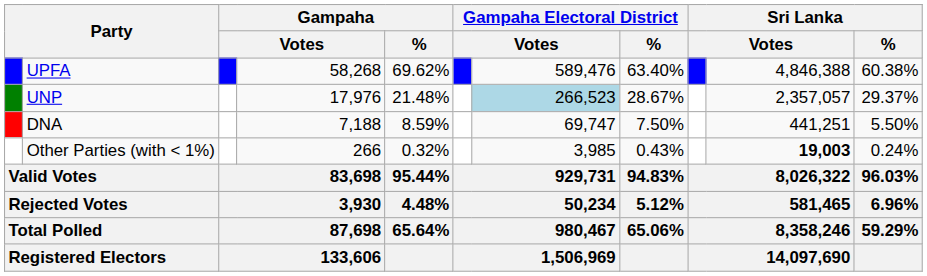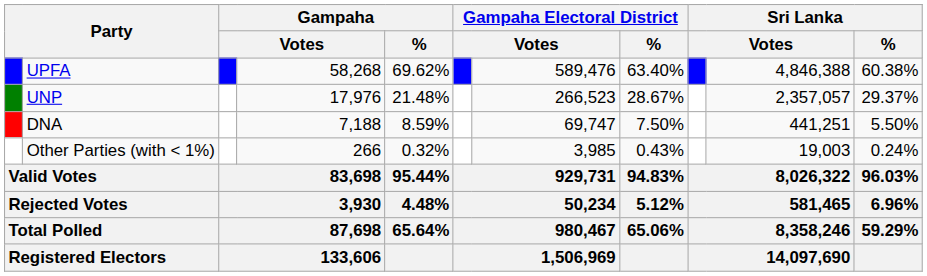 <table class="wikitable">
 <tr>
 <th colspan="2" width="144px"rowspan="2">Party</th>
 <th colspan="3" width="216px">Gampaha</th>
 <th colspan="3" width="216px"><a href='#'>Gampaha Electoral District</a></th>
 <th colspan="3" width="216px">Sri Lanka</th>
 </tr>
 <tr>
 <th colspan="2" width="144px">Votes</th>
 <th>%</th>
 <th colspan="2" width="144px">Votes</th>
 <th>%</th>
 <th colspan="2" width="144px">Votes</th>
 <th>%</th>
 </tr>
 <tr>
 <td style="background-color:blue;" width="10px"></td>
 <td style="text-align:left;"><a href='#'>UPFA</a></td>
 <td style="background-color:blue;" width="10px"></td>
 <td style="text-align:right;">58,268</td>
 <td style="text-align:right;">69.62%</td>
 <td style="background-color:blue;" width="10px"></td>
 <td style="text-align:right;">589,476</td>
 <td style="text-align:right;">63.40%</td>
 <td style="background-color:blue;" width="10px"></td>
 <td style="text-align:right;">4,846,388</td>
 <td style="text-align:right;">60.38%</td>
 </tr>
 <tr>
 <td style="background-color:green;" width="10px"></td>
 <td style="text-align:left;"><a href='#'>UNP</a></td>
 <td style="background-color:white;" width="10px"></td>
 <td style="text-align:right;">17,976</td>
 <td style="text-align:right;">21.48%</td>
 <td style="background-color:white;" width="10px"></td>
-<td style="background: lightblue; text-align:right;">266,523</td>
+<td style="text-align:right;">266,523</td>
 <td style="text-align:right;">28.67%</td>
 <td style="background-color:white;" width="10px"></td>
 <td style="text-align:right;">2,357,057</td>
 <td style="text-align:right;">29.37%</td>
 </tr>
 <tr>
 <td style="background-color:red;" width="10px"></td>
 <td style="text-align:left;">DNA</td>
 <td style="background-color:white;" width="10px"></td>
 <td style="text-align:right;">7,188</td>
 <td style="text-align:right;">8.59%</td>
 <td style="background-color:white;" width="10px"></td>
 <td style="text-align:right;">69,747</td>
 <td style="text-align:right;">7.50%</td>
 <td style="background-color:white;" width="10px"></td>
 <td style="text-align:right;">441,251</td>
 <td style="text-align:right;">5.50%</td>
 </tr>
 <tr>
 <td style="background-color:white;" width="10px"></td>
 <td style="text-align:left;">Other Parties (with < 1%)</td>
 <td style="background-color:white;" width="10px"></td>
 <td style="text-align:right;">266</td>
 <td style="text-align:right;">0.32%</td>
 <td style="background-color:white;" width="10px"></td>
 <td style="text-align:right;">3,985</td>
 <td style="text-align:right;">0.43%</td>
 <td style="background-color:white;" width="10px"></td>
-<td style="text-align:right;"><strong>19,003</strong></td>
+<td style="text-align:right;">19,003</td>
 <td style="text-align:right;">0.24%</td>
 </tr>
 <tr>
 <th colspan="2" width="144px"style="text-align:left;">Valid Votes</th>
 <th style="text-align:right;"colspan="2" width="144px">83,698</th>
 <th style="text-align:right;">95.44%</th>
 <th style="text-align:right;"colspan="2" width="144px">929,731</th>
 <th style="text-align:right;">94.83%</th>
 <th style="text-align:right;"colspan="2" width="144px">8,026,322</th>
 <th style="text-align:right;">96.03%</th>
 </tr>
 <tr>
 <th colspan="2" width="144px"style="text-align:left;">Rejected Votes</th>
 <th style="text-align:right;"colspan="2" width="144px">3,930</th>
 <th style="text-align:right;">4.48%</th>
 <th style="text-align:right;"colspan="2" width="144px">50,234</th>
 <th style="text-align:right;">5.12%</th>
 <th style="text-align:right;"colspan="2" width="144px">581,465</th>
 <th style="text-align:right;">6.96%</th>
 </tr>
 <tr>
 <th colspan="2" width="144px"style="text-align:left;">Total Polled</th>
 <th style="text-align:right;"colspan="2" width="144px">87,698</th>
 <th style="text-align:right;">65.64%</th>
 <th style="text-align:right;"colspan="2" width="144px">980,467</th>
 <th style="text-align:right;">65.06%</th>
 <th style="text-align:right;"colspan="2" width="144px">8,358,246</th>
 <th style="text-align:right;">59.29%</th>
 </tr>
 <tr>
 <th colspan="2" width="144px"style="text-align:left;">Registered Electors</th>
 <th style="text-align:right;"colspan="2" width="144px">133,606</th>
 <th></th>
 <th style="text-align:right;"colspan="2" width="144px">1,506,969</th>
 <th></th>
 <th style="text-align:right;"colspan="2" width="144px">14,097,690</th>
 <th></th>
 </tr>
 </table>
